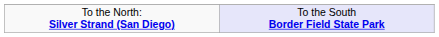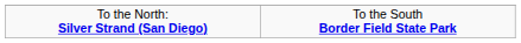 <table class="wikitable" style="margin: 0.5em auto; clear: both; font-size:95%;">
 <tr style="text-align: center;">
 </tr>
 <tr style="text-align: center;">
 <td width="30%" align="center" rowspan="1">To the North:<br><strong><a href='#'>Silver Strand (San Diego)</a></strong><br></td>
-<td width="30%" align="center" rowspan="1" style="background: lavender;">To the South<br><strong><a href='#'>Border Field State Park</a></strong></td>
+<td width="30%" align="center" rowspan="1">To the South<br><strong><a href='#'>Border Field State Park</a></strong></td>
 </tr>
 </table>
